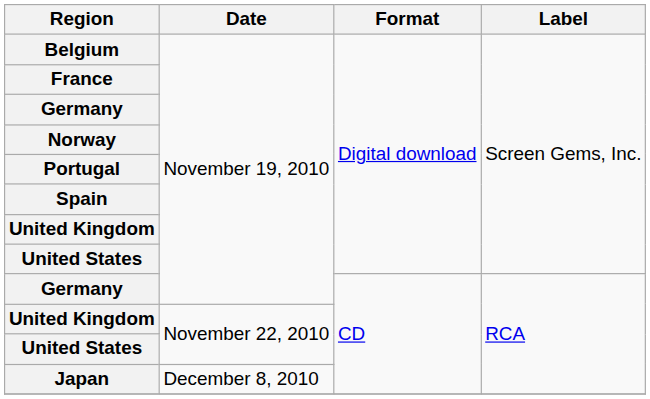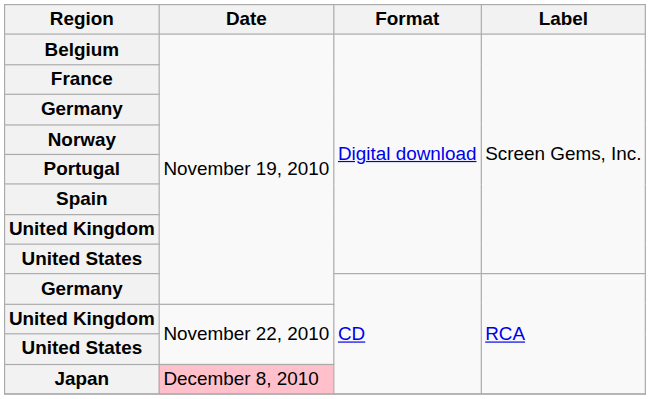 <table class="wikitable plainrowheaders">
 <tr>
 <th scope="col">Region</th>
 <th scope="col">Date</th>
 <th scope="col">Format</th>
 <th scope="col">Label</th>
 </tr>
 <tr>
 <th scope="row">Belgium</th>
 <td rowspan="9">November 19, 2010</td>
 <td rowspan="8"><a href='#'>Digital download</a></td>
 <td rowspan="8">Screen Gems, Inc.</td>
 </tr>
 <tr>
 <th scope="row">France</th>
 </tr>
 <tr>
 <th scope="row">Germany</th>
 </tr>
 <tr>
 <th scope="row">Norway</th>
 </tr>
 <tr>
 <th scope="row">Portugal</th>
 </tr>
 <tr>
 <th scope="row">Spain</th>
 </tr>
 <tr>
 <th scope="row">United Kingdom</th>
 </tr>
 <tr>
 <th scope="row">United States</th>
 </tr>
 <tr>
 <th scope="row">Germany</th>
 <td rowspan="4"><a href='#'>CD</a></td>
 <td rowspan="4"><a href='#'>RCA</a></td>
 </tr>
 <tr>
 <th scope="row">United Kingdom</th>
 <td rowspan="2">November 22, 2010</td>
 </tr>
 <tr>
 <th scope="row">United States</th>
 </tr>
 <tr>
 <th scope="row">Japan</th>
-<td>December 8, 2010</td>
+<td style="background: pink;">December 8, 2010</td>
 </tr>
 <tr>
 </tr>
 </table>
